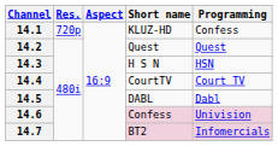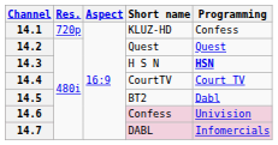 <table class="wikitable">
 <tr>
 <th scope = "col"><a href='#'>Channel</a></th>
 <th scope = "col"><a href='#'>Res.</a></th>
 <th scope = "col"><a href='#'>Aspect</a></th>
 <th scope = "col">Short name</th>
 <th scope = "col">Programming</th>
 </tr>
 <tr>
 <th scope = "row">14.1</th>
 <td><a href='#'>720p</a></td>
 <td rowspan=7><a href='#'>16:9</a></td>
 <td>KLUZ-HD</td>
 <td>Confess </td>
 </tr>
 <tr>
 <th scope = "row">14.2</th>
 <td rowspan=6><a href='#'>480i</a></td>
 <td>Quest</td>
 <td><a href='#'>Quest</a></td>
 </tr>
 <tr>
 <th scope = "row">14.3</th>
 <td>H S N</td>
-<td><a href='#'>HSN</a></td>
+<td><strong><a href='#'>HSN</a></strong></td>
 </tr>
 <tr>
 <th scope = "row">14.4</th>
 <td>CourtTV</td>
 <td><a href='#'>Court TV</a></td>
 </tr>
 <tr>
 <th scope = "row">14.5</th>
-<td>DABL</td>
+<td>BT2</td>
 <td><a href='#'>Dabl</a></td>
 </tr>
 <tr style="background-color: #f2d1de;">
 <th scope = "row">14.6</th>
 <td>Confess</td>
 <td><a href='#'>Univision</a></td>
 </tr>
 <tr style="background-color: #f2d1de;">
 <th scope = "row">14.7</th>
-<td>BT2</td>
+<td>DABL</td>
 <td><a href='#'>Infomercials</a> </td>
 </tr>
 </table>
